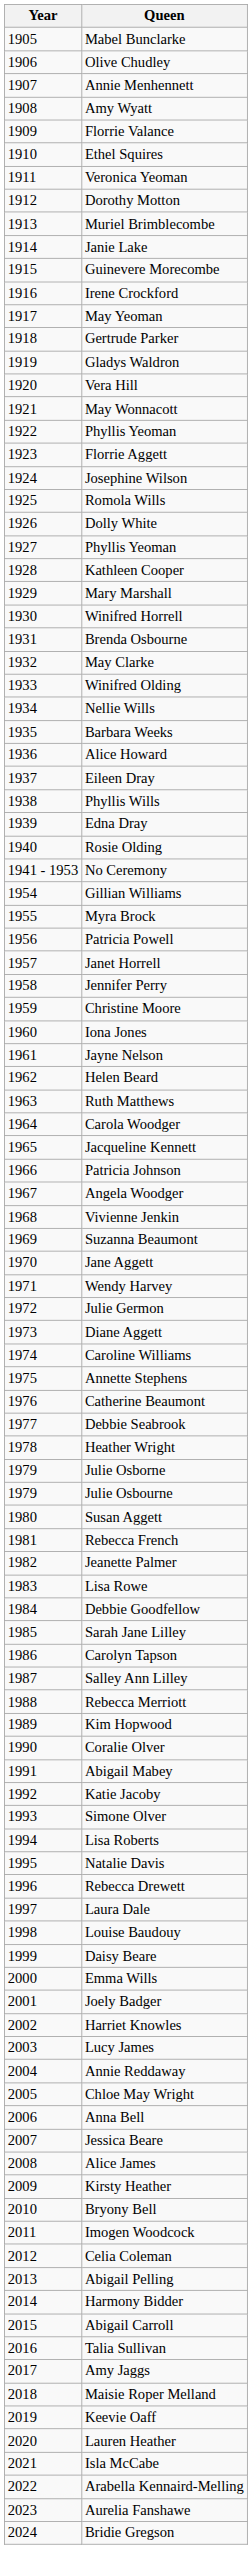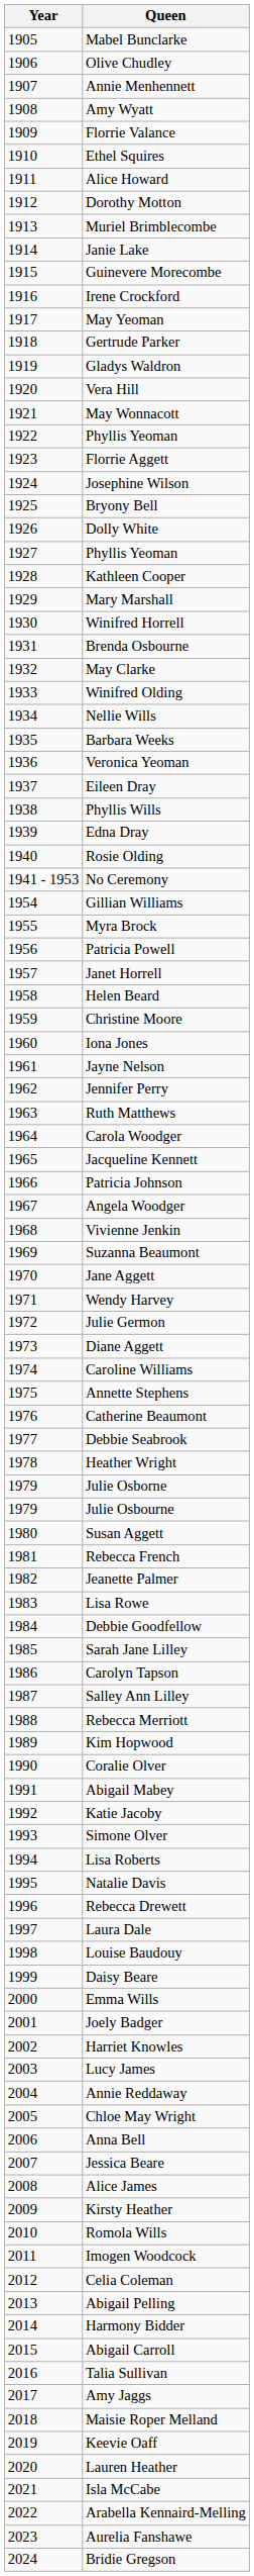 <table class="wikitable">
 <tr>
 <th>Year</th>
 <th>Queen</th>
 </tr>
 <tr>
 <td>1905</td>
 <td>Mabel Bunclarke</td>
 </tr>
 <tr>
 <td>1906</td>
 <td>Olive Chudley</td>
 </tr>
 <tr>
 <td>1907</td>
 <td>Annie Menhennett</td>
 </tr>
 <tr>
 <td>1908</td>
 <td>Amy Wyatt</td>
 </tr>
 <tr>
 <td>1909</td>
 <td>Florrie Valance</td>
 </tr>
 <tr>
 <td>1910</td>
 <td>Ethel Squires</td>
 </tr>
 <tr>
 <td>1911</td>
-<td>Veronica Yeoman</td>
+<td>Alice Howard</td>
 </tr>
 <tr>
 <td>1912</td>
 <td>Dorothy Motton</td>
 </tr>
 <tr>
 <td>1913</td>
 <td>Muriel Brimblecombe</td>
 </tr>
 <tr>
 <td>1914</td>
 <td>Janie Lake</td>
 </tr>
 <tr>
 <td>1915</td>
 <td>Guinevere Morecombe</td>
 </tr>
 <tr>
 <td>1916</td>
 <td>Irene Crockford</td>
 </tr>
 <tr>
 <td>1917</td>
 <td>May Yeoman</td>
 </tr>
 <tr>
 <td>1918</td>
 <td>Gertrude Parker</td>
 </tr>
 <tr>
 <td>1919</td>
 <td>Gladys Waldron</td>
 </tr>
 <tr>
 <td>1920</td>
 <td>Vera Hill</td>
 </tr>
 <tr>
 <td>1921</td>
 <td>May Wonnacott</td>
 </tr>
 <tr>
 <td>1922</td>
 <td>Phyllis Yeoman</td>
 </tr>
 <tr>
 <td>1923</td>
 <td>Florrie Aggett</td>
 </tr>
 <tr>
 <td>1924</td>
 <td>Josephine Wilson</td>
 </tr>
 <tr>
 <td>1925</td>
-<td>Romola Wills</td>
+<td>Bryony Bell</td>
 </tr>
 <tr>
 <td>1926</td>
 <td>Dolly White</td>
 </tr>
 <tr>
 <td>1927</td>
 <td>Phyllis Yeoman</td>
 </tr>
 <tr>
 <td>1928</td>
 <td>Kathleen Cooper</td>
 </tr>
 <tr>
 <td>1929</td>
 <td>Mary Marshall</td>
 </tr>
 <tr>
 <td>1930</td>
 <td>Winifred Horrell</td>
 </tr>
 <tr>
 <td>1931</td>
 <td>Brenda Osbourne</td>
 </tr>
 <tr>
 <td>1932</td>
 <td>May Clarke</td>
 </tr>
 <tr>
 <td>1933</td>
 <td>Winifred Olding</td>
 </tr>
 <tr>
 <td>1934</td>
 <td>Nellie Wills</td>
 </tr>
 <tr>
 <td>1935</td>
 <td>Barbara Weeks</td>
 </tr>
 <tr>
 <td>1936</td>
-<td>Alice Howard</td>
+<td>Veronica Yeoman</td>
 </tr>
 <tr>
 <td>1937</td>
 <td>Eileen Dray</td>
 </tr>
 <tr>
 <td>1938</td>
 <td>Phyllis Wills</td>
 </tr>
 <tr>
 <td>1939</td>
 <td>Edna Dray</td>
 </tr>
 <tr>
 <td>1940</td>
 <td>Rosie Olding</td>
 </tr>
 <tr>
 <td>1941 - 1953</td>
 <td>No Ceremony</td>
 </tr>
 <tr>
 <td>1954</td>
 <td>Gillian Williams</td>
 </tr>
 <tr>
 <td>1955</td>
 <td>Myra Brock</td>
 </tr>
 <tr>
 <td>1956</td>
 <td>Patricia Powell</td>
 </tr>
 <tr>
 <td>1957</td>
 <td>Janet Horrell</td>
 </tr>
 <tr>
 <td>1958</td>
-<td>Jennifer Perry</td>
+<td>Helen Beard</td>
 </tr>
 <tr>
 <td>1959</td>
 <td>Christine Moore</td>
 </tr>
 <tr>
 <td>1960</td>
 <td>Iona Jones</td>
 </tr>
 <tr>
 <td>1961</td>
 <td>Jayne Nelson</td>
 </tr>
 <tr>
 <td>1962</td>
-<td>Helen Beard</td>
+<td>Jennifer Perry</td>
 </tr>
 <tr>
 <td>1963</td>
 <td>Ruth Matthews</td>
 </tr>
 <tr>
 <td>1964</td>
 <td>Carola Woodger</td>
 </tr>
 <tr>
 <td>1965</td>
 <td>Jacqueline Kennett</td>
 </tr>
 <tr>
 <td>1966</td>
 <td>Patricia Johnson</td>
 </tr>
 <tr>
 <td>1967</td>
 <td>Angela Woodger</td>
 </tr>
 <tr>
 <td>1968</td>
 <td>Vivienne Jenkin</td>
 </tr>
 <tr>
 <td>1969</td>
 <td>Suzanna Beaumont</td>
 </tr>
 <tr>
 <td>1970</td>
 <td>Jane Aggett</td>
 </tr>
 <tr>
 <td>1971</td>
 <td>Wendy Harvey</td>
 </tr>
 <tr>
 <td>1972</td>
 <td>Julie Germon</td>
 </tr>
 <tr>
 <td>1973</td>
 <td>Diane Aggett</td>
 </tr>
 <tr>
 <td>1974</td>
 <td>Caroline Williams</td>
 </tr>
 <tr>
 <td>1975</td>
 <td>Annette Stephens</td>
 </tr>
 <tr>
 <td>1976</td>
 <td>Catherine Beaumont</td>
 </tr>
 <tr>
 <td>1977</td>
 <td>Debbie Seabrook</td>
 </tr>
 <tr>
 <td>1978</td>
 <td>Heather Wright</td>
 </tr>
 <tr>
 <td>1979</td>
 <td>Julie Osborne</td>
 </tr>
 <tr>
 <td>1979</td>
 <td>Julie Osbourne</td>
 </tr>
 <tr>
 <td>1980</td>
 <td>Susan Aggett</td>
 </tr>
 <tr>
 <td>1981</td>
 <td>Rebecca French</td>
 </tr>
 <tr>
 <td>1982</td>
 <td>Jeanette Palmer</td>
 </tr>
 <tr>
 <td>1983</td>
 <td>Lisa Rowe</td>
 </tr>
 <tr>
 <td>1984</td>
 <td>Debbie Goodfellow</td>
 </tr>
 <tr>
 <td>1985</td>
 <td>Sarah Jane Lilley</td>
 </tr>
 <tr>
 <td>1986</td>
 <td>Carolyn Tapson</td>
 </tr>
 <tr>
 <td>1987</td>
 <td>Salley Ann Lilley</td>
 </tr>
 <tr>
 <td>1988</td>
 <td>Rebecca Merriott</td>
 </tr>
 <tr>
 <td>1989</td>
 <td>Kim Hopwood</td>
 </tr>
 <tr>
 <td>1990</td>
 <td>Coralie Olver</td>
 </tr>
 <tr>
 <td>1991</td>
 <td>Abigail Mabey</td>
 </tr>
 <tr>
 <td>1992</td>
 <td>Katie Jacoby</td>
 </tr>
 <tr>
 <td>1993</td>
 <td>Simone Olver</td>
 </tr>
 <tr>
 <td>1994</td>
 <td>Lisa Roberts</td>
 </tr>
 <tr>
 <td>1995</td>
 <td>Natalie Davis</td>
 </tr>
 <tr>
 <td>1996</td>
 <td>Rebecca Drewett</td>
 </tr>
 <tr>
 <td>1997</td>
 <td>Laura Dale</td>
 </tr>
 <tr>
 <td>1998</td>
 <td>Louise Baudouy</td>
 </tr>
 <tr>
 <td>1999</td>
 <td>Daisy Beare</td>
 </tr>
 <tr>
 <td>2000</td>
 <td>Emma Wills</td>
 </tr>
 <tr>
 <td>2001</td>
 <td>Joely Badger</td>
 </tr>
 <tr>
 <td>2002</td>
 <td>Harriet Knowles</td>
 </tr>
 <tr>
 <td>2003</td>
 <td>Lucy James</td>
 </tr>
 <tr>
 <td>2004</td>
 <td>Annie Reddaway</td>
 </tr>
 <tr>
 <td>2005</td>
 <td>Chloe May Wright</td>
 </tr>
 <tr>
 <td>2006</td>
 <td>Anna Bell</td>
 </tr>
 <tr>
 <td>2007</td>
 <td>Jessica Beare</td>
 </tr>
 <tr>
 <td>2008</td>
 <td>Alice James</td>
 </tr>
 <tr>
 <td>2009</td>
 <td>Kirsty Heather</td>
 </tr>
 <tr>
 <td>2010</td>
-<td>Bryony Bell</td>
+<td>Romola Wills</td>
 </tr>
 <tr>
 <td>2011</td>
 <td>Imogen Woodcock</td>
 </tr>
 <tr>
 <td>2012</td>
 <td>Celia Coleman</td>
 </tr>
 <tr>
 <td>2013</td>
 <td>Abigail Pelling</td>
 </tr>
 <tr>
 <td>2014</td>
 <td>Harmony Bidder</td>
 </tr>
 <tr>
 <td>2015</td>
 <td>Abigail Carroll</td>
 </tr>
 <tr>
 <td>2016</td>
 <td>Talia Sullivan</td>
 </tr>
 <tr>
 <td>2017</td>
 <td>Amy Jaggs</td>
 </tr>
 <tr>
 <td>2018</td>
 <td>Maisie Roper Melland</td>
 </tr>
 <tr>
 <td>2019</td>
 <td>Keevie Oaff</td>
 </tr>
 <tr>
 <td>2020</td>
 <td>Lauren Heather</td>
 </tr>
 <tr>
 <td>2021</td>
 <td>Isla McCabe</td>
 </tr>
 <tr>
 <td>2022</td>
 <td>Arabella Kennaird-Melling</td>
 </tr>
 <tr>
 <td>2023</td>
 <td>Aurelia Fanshawe</td>
 </tr>
 <tr>
 <td>2024</td>
 <td>Bridie Gregson</td>
 </tr>
 </table>
